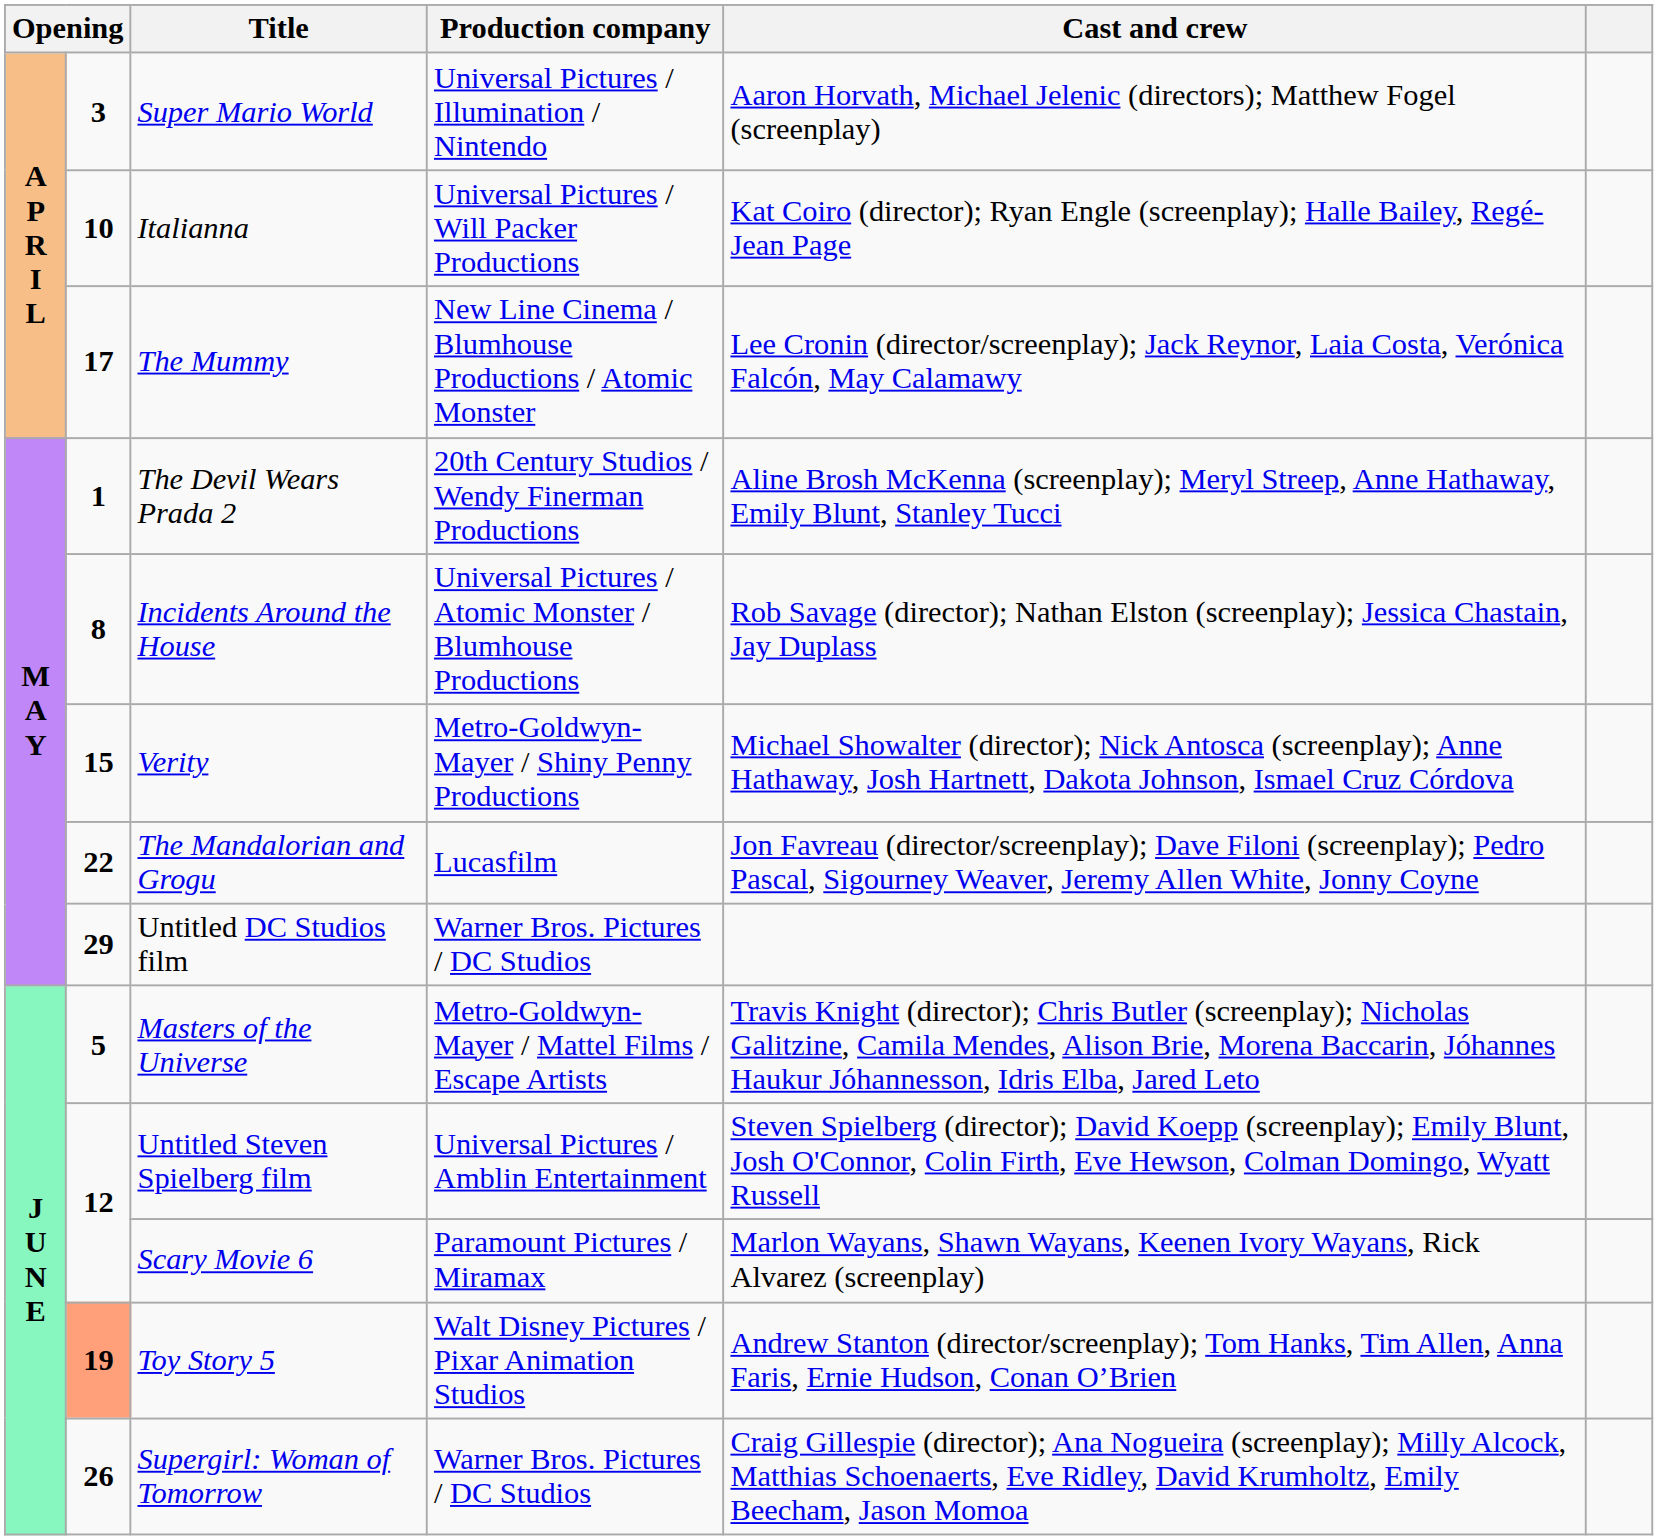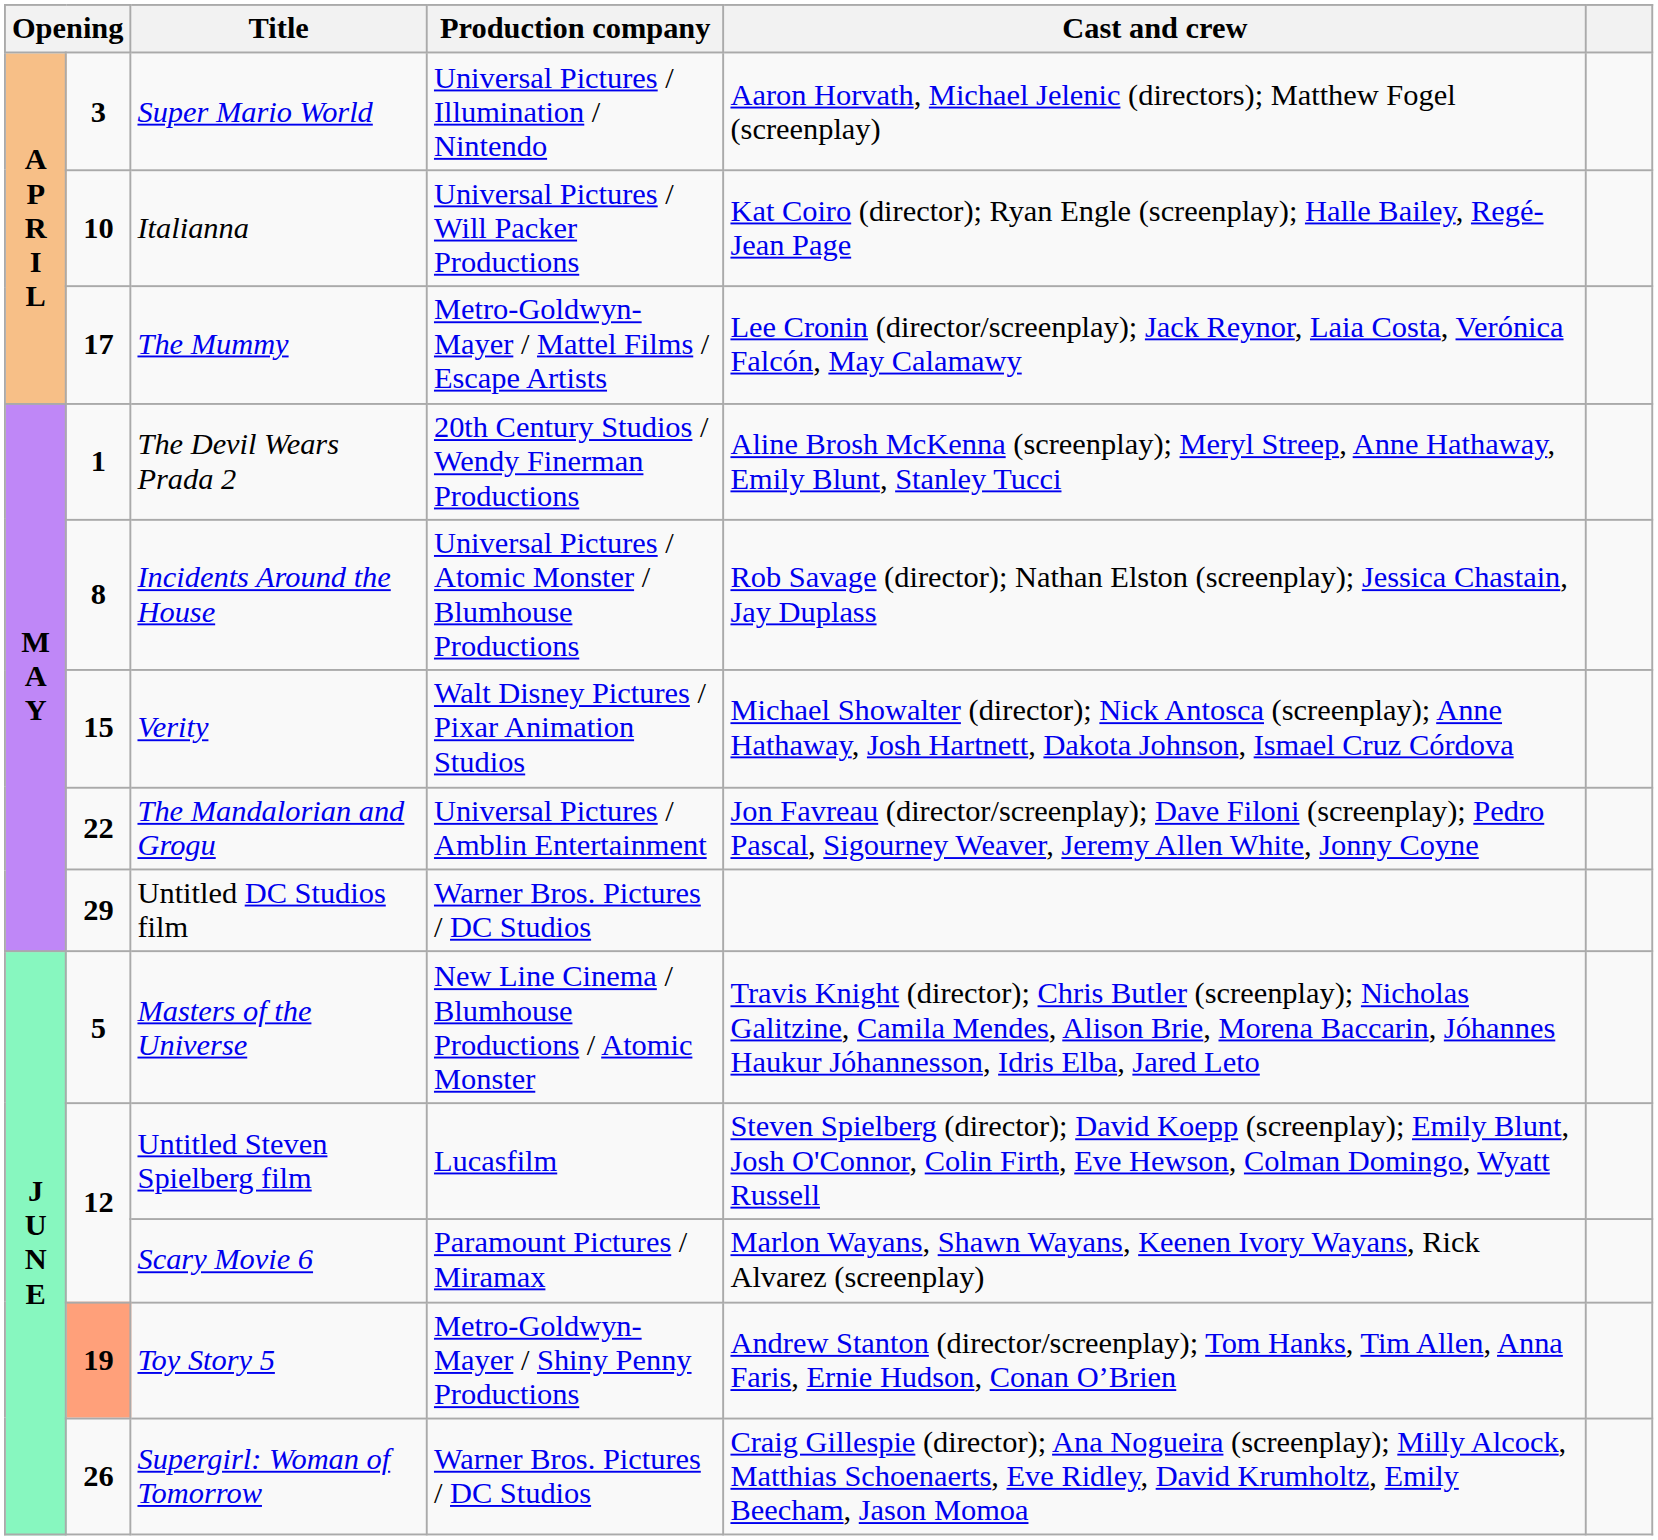 <table class="wikitable sortable">
 <tr>
 <th colspan="2" style="width:6%;">Opening</th>
 <th style="width:18%;">Title</th>
 <th style="width:18%;">Production company</th>
 <th>Cast and crew</th>
 <th style="width:4%;" class="unsortable"></th>
 </tr>
 <tr>
 <th rowspan="3" style="text-align:center; background:#f7bf87; textcolor:#000;">A<br>P<br>R<br>I<br>L</th>
 <td rowspan="1" style="text-align:center;"><strong>3</strong></td>
 <td><em><a href='#'>Super Mario World</a></em></td>
 <td><a href='#'>Universal Pictures</a> / <a href='#'>Illumination</a> / <a href='#'>Nintendo</a></td>
 <td><a href='#'>Aaron Horvath</a>, <a href='#'>Michael Jelenic</a> (directors); Matthew Fogel (screenplay)</td>
 <td style="text-align:center"></td>
 </tr>
 <tr>
 <td rowspan="1" style="text-align:center;"><strong>10</strong></td>
 <td><em>Italianna</em></td>
 <td><a href='#'>Universal Pictures</a> / <a href='#'>Will Packer Productions</a></td>
 <td><a href='#'>Kat Coiro</a> (director); Ryan Engle (screenplay); <a href='#'>Halle Bailey</a>, <a href='#'>Regé-Jean Page</a></td>
 <td style="text-align:center"></td>
 </tr>
 <tr>
 <td rowspan="1" style="text-align:center;"><strong>17</strong></td>
 <td><em><a href='#'>The Mummy</a></em></td>
-<td><a href='#'>New Line Cinema</a> / <a href='#'>Blumhouse Productions</a> / <a href='#'>Atomic Monster</a></td>
+<td><a href='#'>Metro-Goldwyn-Mayer</a> / <a href='#'>Mattel Films</a> / <a href='#'>Escape Artists</a></td>
 <td><a href='#'>Lee Cronin</a> (director/screenplay); <a href='#'>Jack Reynor</a>, <a href='#'>Laia Costa</a>, <a href='#'>Verónica Falcón</a>, <a href='#'>May Calamawy</a></td>
 <td style="text-align:center"></td>
 </tr>
 <tr>
 <th rowspan="5" style="text-align:center; background:#bf87f7; text color:#000;">M<br>A<br>Y</th>
 <td rowspan="1" style="text-align:center;"><strong>1</strong></td>
 <td><em>The Devil Wears Prada 2</em></td>
 <td><a href='#'>20th Century Studios</a> / <a href='#'>Wendy Finerman Productions</a></td>
 <td><a href='#'>Aline Brosh McKenna</a> (screenplay); <a href='#'>Meryl Streep</a>, <a href='#'>Anne Hathaway</a>, <a href='#'>Emily Blunt</a>, <a href='#'>Stanley Tucci</a></td>
 <td style="text-align:center"></td>
 </tr>
 <tr>
 <td rowspan="1" style="text-align:center;"><strong>8</strong></td>
 <td><em><a href='#'>Incidents Around the House</a></em></td>
 <td><a href='#'>Universal Pictures</a> / <a href='#'>Atomic Monster</a> / <a href='#'>Blumhouse Productions</a></td>
 <td><a href='#'>Rob Savage</a> (director); Nathan Elston (screenplay); <a href='#'>Jessica Chastain</a>, <a href='#'>Jay Duplass</a></td>
 <td style="text-align:center"></td>
 </tr>
 <tr>
 <td rowspan="1" style="text-align:center;"><strong>15</strong></td>
 <td><em><a href='#'>Verity</a></em></td>
-<td><a href='#'>Metro-Goldwyn-Mayer</a> / <a href='#'>Shiny Penny Productions</a></td>
+<td><a href='#'>Walt Disney Pictures</a> / <a href='#'>Pixar Animation Studios</a></td>
 <td><a href='#'>Michael Showalter</a> (director); <a href='#'>Nick Antosca</a> (screenplay); <a href='#'>Anne Hathaway</a>, <a href='#'>Josh Hartnett</a>, <a href='#'>Dakota Johnson</a>, <a href='#'>Ismael Cruz Córdova</a></td>
 <td style="text-align:center"></td>
 </tr>
 <tr>
 <td rowspan="1" style="text-align:center;"><strong>22</strong></td>
 <td><em><a href='#'>The Mandalorian and Grogu</a></em></td>
-<td><a href='#'>Lucasfilm</a></td>
+<td><a href='#'>Universal Pictures</a> / <a href='#'>Amblin Entertainment</a></td>
 <td><a href='#'>Jon Favreau</a> (director/screenplay); <a href='#'>Dave Filoni</a> (screenplay); <a href='#'>Pedro Pascal</a>, <a href='#'>Sigourney Weaver</a>, <a href='#'>Jeremy Allen White</a>, <a href='#'>Jonny Coyne</a></td>
 <td style="text-align:center"></td>
 </tr>
 <tr>
 <td rowspan="1" style="text-align:center;"><strong>29</strong></td>
 <td>Untitled <a href='#'>DC Studios</a> film</td>
 <td><a href='#'>Warner Bros. Pictures</a> / <a href='#'>DC Studios</a></td>
 <td></td>
 <td style="text-align:center"></td>
 </tr>
 <tr>
 <th rowspan="5" style="text-align:center; background:#87f7bf; textcolor:#000;">J<br>U<br>N<br>E</th>
 <td rowspan="1" style="text-align:center;"><strong>5</strong></td>
 <td><em><a href='#'>Masters of the Universe</a></em></td>
-<td><a href='#'>Metro-Goldwyn-Mayer</a> / <a href='#'>Mattel Films</a> / <a href='#'>Escape Artists</a></td>
+<td><a href='#'>New Line Cinema</a> / <a href='#'>Blumhouse Productions</a> / <a href='#'>Atomic Monster</a></td>
 <td><a href='#'>Travis Knight</a> (director); <a href='#'>Chris Butler</a> (screenplay); <a href='#'>Nicholas Galitzine</a>, <a href='#'>Camila Mendes</a>, <a href='#'>Alison Brie</a>, <a href='#'>Morena Baccarin</a>, <a href='#'>Jóhannes Haukur Jóhannesson</a>, <a href='#'>Idris Elba</a>, <a href='#'>Jared Leto</a></td>
 <td style="text-align:center"></td>
 </tr>
 <tr>
 <td rowspan="2"style="text-align:center;"><strong>12</strong></td>
 <td><a href='#'>Untitled Steven Spielberg film</a></td>
-<td><a href='#'>Universal Pictures</a> / <a href='#'>Amblin Entertainment</a></td>
+<td><a href='#'>Lucasfilm</a></td>
 <td><a href='#'>Steven Spielberg</a> (director); <a href='#'>David Koepp</a> (screenplay); <a href='#'>Emily Blunt</a>, <a href='#'>Josh O'Connor</a>, <a href='#'>Colin Firth</a>, <a href='#'>Eve Hewson</a>, <a href='#'>Colman Domingo</a>, <a href='#'>Wyatt Russell</a></td>
 <td style="text-align:center"></td>
 </tr>
 <tr>
 <td><em><a href='#'>Scary Movie 6</a></em></td>
 <td><a href='#'>Paramount Pictures</a> / <a href='#'>Miramax</a></td>
 <td><a href='#'>Marlon Wayans</a>, <a href='#'>Shawn Wayans</a>, <a href='#'>Keenen Ivory Wayans</a>, Rick Alvarez (screenplay)</td>
 <td style="text-align:center"></td>
 </tr>
 <tr>
 <td rowspan="1" style="background: lightsalmon; text-align:center;"><strong>19</strong></td>
 <td><em><a href='#'>Toy Story 5</a></em></td>
-<td><a href='#'>Walt Disney Pictures</a> / <a href='#'>Pixar Animation Studios</a></td>
+<td><a href='#'>Metro-Goldwyn-Mayer</a> / <a href='#'>Shiny Penny Productions</a></td>
 <td><a href='#'>Andrew Stanton</a> (director/screenplay); <a href='#'>Tom Hanks</a>, <a href='#'>Tim Allen</a>, <a href='#'>Anna Faris</a>, <a href='#'>Ernie Hudson</a>, <a href='#'>Conan O’Brien</a></td>
 <td style="text-align:center"></td>
 </tr>
 <tr>
 <td rowspan="1" style="text-align:center;"><strong>26</strong></td>
 <td><em><a href='#'>Supergirl: Woman of Tomorrow</a></em></td>
 <td><a href='#'>Warner Bros. Pictures</a> / <a href='#'>DC Studios</a></td>
 <td><a href='#'>Craig Gillespie</a> (director); <a href='#'>Ana Nogueira</a> (screenplay); <a href='#'>Milly Alcock</a>, <a href='#'>Matthias Schoenaerts</a>, <a href='#'>Eve Ridley</a>, <a href='#'>David Krumholtz</a>, <a href='#'>Emily Beecham</a>, <a href='#'>Jason Momoa</a></td>
 <td style="text-align:center"></td>
 </tr>
 </table>
